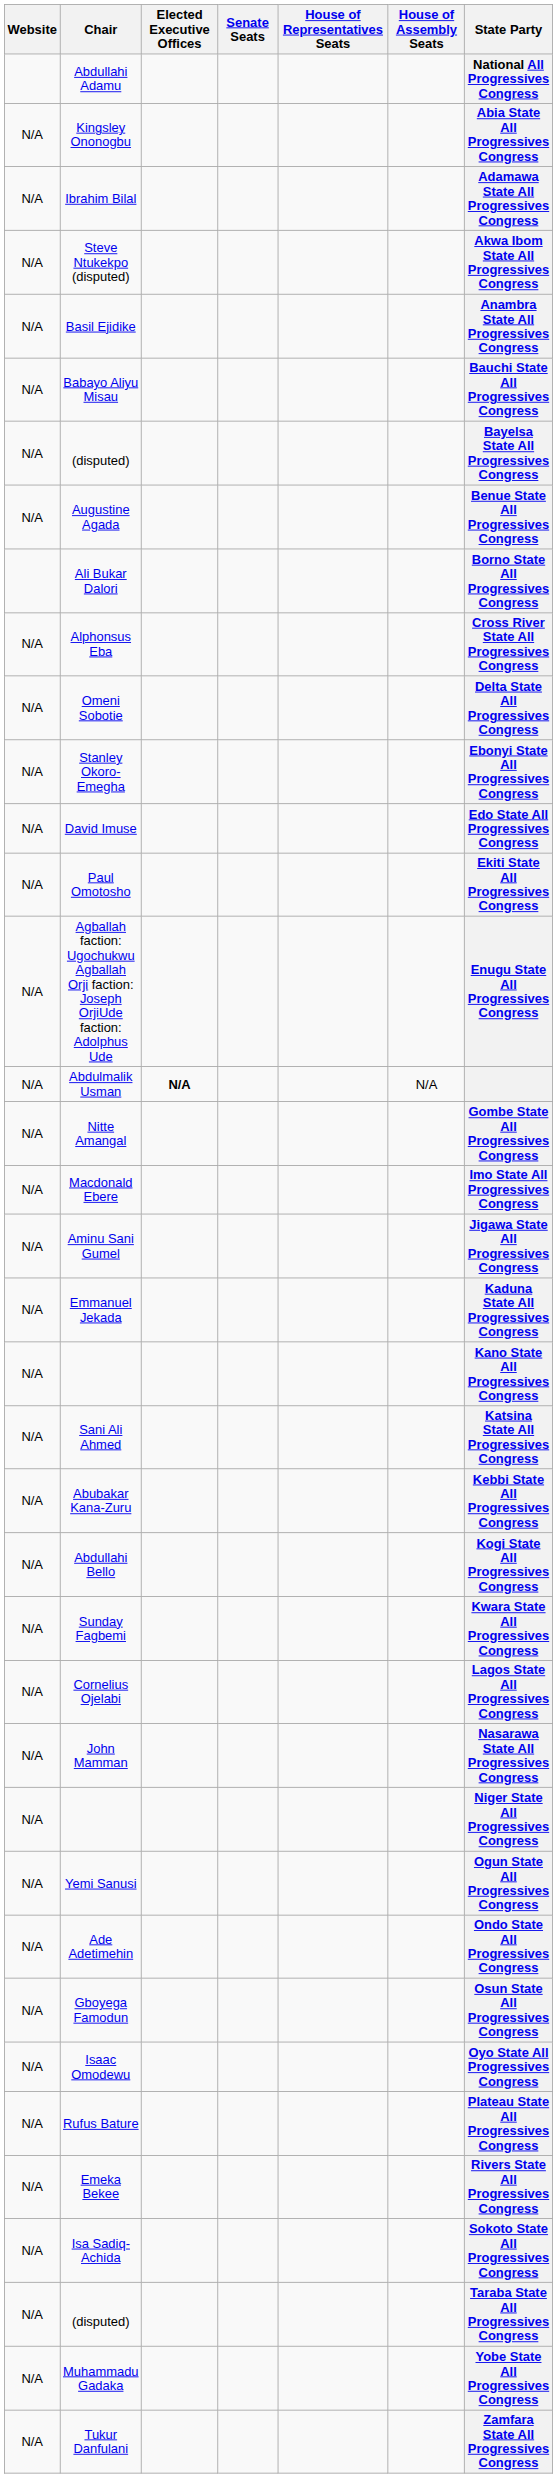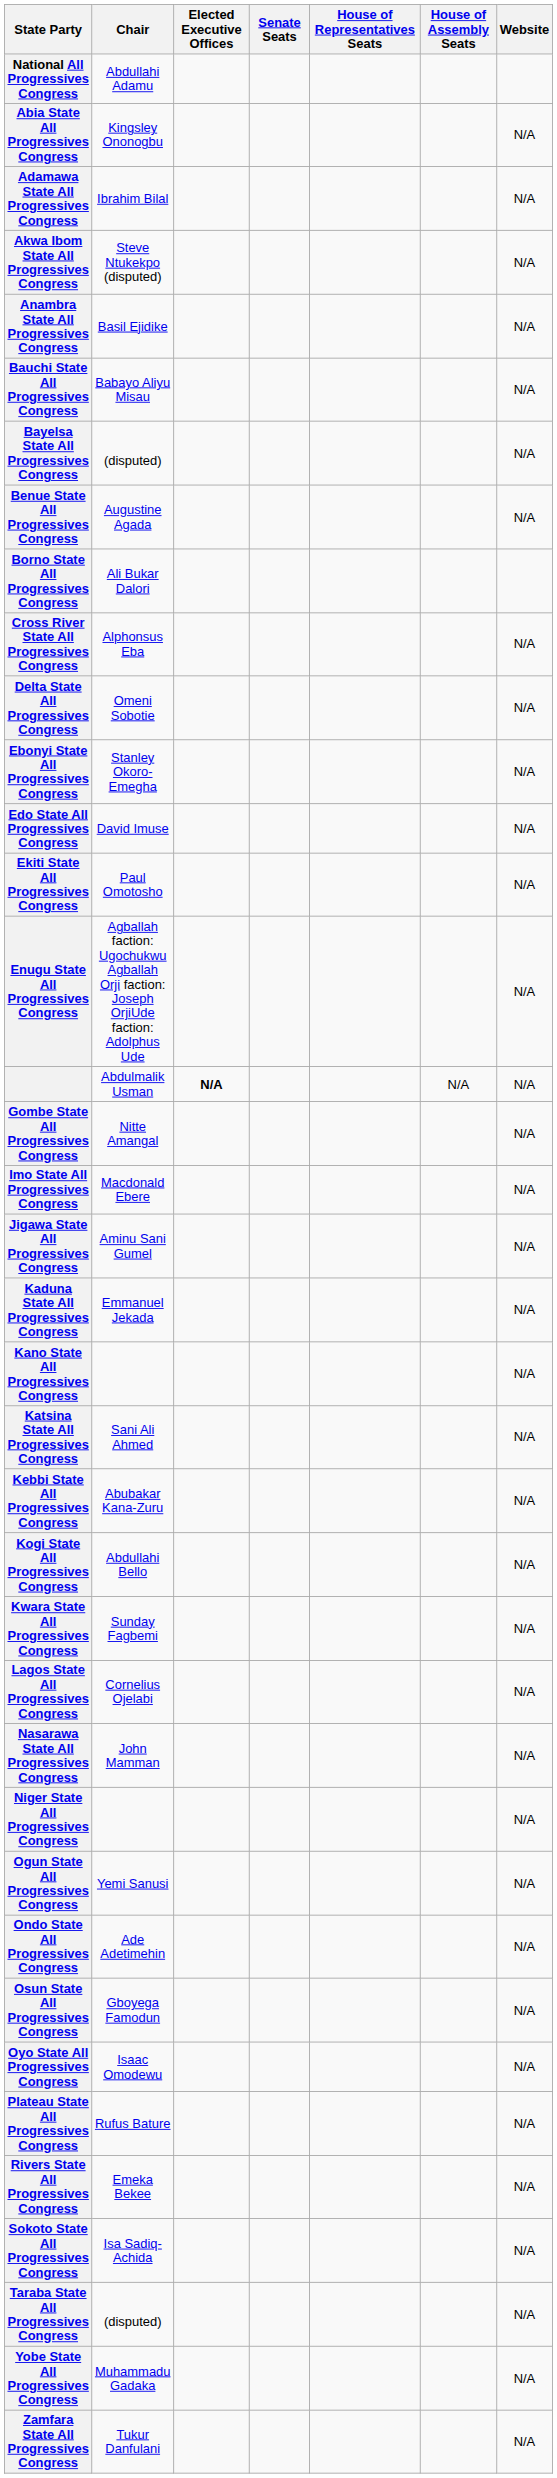 <table class="wikitable sortable" style="text-align:center;font-size:90%;">
 <tr>
-<th>Website</th>
+<th>State Party</th>
 <th>Chair</th>
 <th width="150">Elected Executive Offices</th>
 <th width="150"><a href='#'>Senate</a> Seats</th>
 <th width="150"><a href='#'>House of Representatives</a> Seats</th>
 <th width="150"><a href='#'>House of Assembly</a> Seats</th>
-<th>State Party</th>
+<th>Website</th>
 </tr>
 <tr>
-<td></td>
+<th><strong>National <a href='#'>All Progressives Congress</a></strong></th>
 <td><a href='#'>Abdullahi Adamu</a></td>
 <td></td>
 <td></td>
 <td></td>
 <td></td>
-<th><strong>National <a href='#'>All Progressives Congress</a></strong></th>
+<td></td>
 </tr>
 <tr>
-<td>N/A</td>
+<th><strong><a href='#'>Abia State All Progressives Congress</a></strong></th>
 <td><a href='#'>Kingsley Ononogbu</a></td>
 <td></td>
 <td></td>
 <td></td>
 <td></td>
-<th><strong><a href='#'>Abia State All Progressives Congress</a></strong></th>
+<td>N/A</td>
 </tr>
 <tr>
-<td>N/A</td>
+<th><strong><a href='#'>Adamawa State All Progressives Congress</a></strong></th>
 <td><a href='#'>Ibrahim Bilal</a></td>
 <td></td>
 <td></td>
 <td></td>
 <td></td>
-<th><strong><a href='#'>Adamawa State All Progressives Congress</a></strong></th>
+<td>N/A</td>
 </tr>
 <tr>
-<td>N/A</td>
+<th><strong><a href='#'>Akwa Ibom State All Progressives Congress</a></strong></th>
 <td><a href='#'>Steve Ntukekpo</a><br>(disputed)</td>
 <td></td>
 <td></td>
 <td></td>
 <td></td>
-<th><strong><a href='#'>Akwa Ibom State All Progressives Congress</a></strong></th>
+<td>N/A</td>
 </tr>
 <tr>
-<td>N/A</td>
+<th><strong><a href='#'>Anambra State All Progressives Congress</a></strong></th>
 <td><a href='#'>Basil Ejidike</a></td>
 <td></td>
 <td></td>
 <td></td>
 <td></td>
-<th><strong><a href='#'>Anambra State All Progressives Congress</a></strong></th>
+<td>N/A</td>
 </tr>
 <tr>
-<td>N/A</td>
+<th><strong><a href='#'>Bauchi State All Progressives Congress</a></strong></th>
 <td><a href='#'>Babayo Aliyu Misau</a></td>
 <td></td>
 <td></td>
 <td></td>
 <td></td>
-<th><strong><a href='#'>Bauchi State All Progressives Congress</a></strong></th>
+<td>N/A</td>
 </tr>
 <tr>
-<td>N/A</td>
+<th><strong><a href='#'>Bayelsa State All Progressives Congress</a></strong></th>
 <td><br>(disputed)</td>
 <td></td>
 <td></td>
 <td></td>
 <td></td>
-<th><strong><a href='#'>Bayelsa State All Progressives Congress</a></strong></th>
+<td>N/A</td>
 </tr>
 <tr>
-<td>N/A</td>
+<th><strong><a href='#'>Benue State All Progressives Congress</a></strong></th>
 <td><a href='#'>Augustine Agada</a></td>
 <td></td>
 <td></td>
 <td></td>
 <td></td>
-<th><strong><a href='#'>Benue State All Progressives Congress</a></strong></th>
+<td>N/A</td>
 </tr>
 <tr>
-<td></td>
+<th><strong><a href='#'>Borno State All Progressives Congress</a></strong></th>
 <td><a href='#'>Ali Bukar Dalori</a></td>
 <td></td>
 <td></td>
 <td></td>
 <td></td>
-<th><strong><a href='#'>Borno State All Progressives Congress</a></strong></th>
+<td></td>
 </tr>
 <tr>
-<td>N/A</td>
+<th><strong><a href='#'>Cross River State All Progressives Congress</a></strong></th>
 <td><a href='#'>Alphonsus Eba</a></td>
 <td></td>
 <td></td>
 <td></td>
 <td></td>
-<th><strong><a href='#'>Cross River State All Progressives Congress</a></strong></th>
+<td>N/A</td>
 </tr>
 <tr>
-<td>N/A</td>
+<th><strong><a href='#'>Delta State All Progressives Congress</a></strong></th>
 <td><a href='#'>Omeni Sobotie</a></td>
 <td></td>
 <td></td>
 <td></td>
 <td></td>
-<th><strong><a href='#'>Delta State All Progressives Congress</a></strong></th>
+<td>N/A</td>
 </tr>
 <tr>
-<td>N/A</td>
+<th><strong><a href='#'>Ebonyi State All Progressives Congress</a></strong></th>
 <td><a href='#'>Stanley Okoro-Emegha</a></td>
 <td></td>
 <td></td>
 <td></td>
 <td></td>
-<th><strong><a href='#'>Ebonyi State All Progressives Congress</a></strong></th>
+<td>N/A</td>
 </tr>
 <tr>
-<td>N/A</td>
+<th><strong><a href='#'>Edo State All Progressives Congress</a></strong></th>
 <td><a href='#'>David Imuse</a></td>
 <td></td>
 <td></td>
 <td></td>
 <td></td>
-<th><strong><a href='#'>Edo State All Progressives Congress</a></strong></th>
+<td>N/A</td>
 </tr>
 <tr>
-<td>N/A</td>
+<th><strong><a href='#'>Ekiti State All Progressives Congress</a></strong></th>
 <td><a href='#'>Paul Omotosho</a></td>
 <td></td>
 <td></td>
 <td></td>
 <td></td>
-<th><strong><a href='#'>Ekiti State All Progressives Congress</a></strong></th>
+<td>N/A</td>
 </tr>
 <tr>
-<td>N/A</td>
+<th><strong><a href='#'>Enugu State All Progressives Congress</a></strong></th>
 <td><a href='#'>Agballah</a> faction:<br><a href='#'>Ugochukwu Agballah</a><br><a href='#'>Orji</a> faction:<br><a href='#'>Joseph Orji</a><a href='#'>Ude</a> faction:<br><a href='#'>Adolphus Ude</a></td>
 <td></td>
 <td></td>
 <td></td>
 <td></td>
-<th><strong><a href='#'>Enugu State All Progressives Congress</a></strong></th>
+<td>N/A</td>
 </tr>
 <tr>
-<td>N/A</td>
+<th></th>
 <td><a href='#'>Abdulmalik Usman</a></td>
 <td><strong>N/A</strong></td>
 <td></td>
 <td></td>
 <td>N/A</td>
-<th></th>
+<td>N/A</td>
 </tr>
 <tr>
-<td>N/A</td>
+<th><strong><a href='#'>Gombe State All Progressives Congress</a></strong></th>
 <td><a href='#'>Nitte Amangal</a></td>
 <td></td>
 <td></td>
 <td></td>
 <td></td>
-<th><strong><a href='#'>Gombe State All Progressives Congress</a></strong></th>
+<td>N/A</td>
 </tr>
 <tr>
-<td>N/A</td>
+<th><strong><a href='#'>Imo State All Progressives Congress</a></strong></th>
 <td><a href='#'>Macdonald Ebere</a></td>
 <td></td>
 <td></td>
 <td></td>
 <td></td>
-<th><strong><a href='#'>Imo State All Progressives Congress</a></strong></th>
+<td>N/A</td>
 </tr>
 <tr>
-<td>N/A</td>
+<th><strong><a href='#'>Jigawa State All Progressives Congress</a></strong></th>
 <td><a href='#'>Aminu Sani Gumel</a></td>
 <td></td>
 <td></td>
 <td></td>
 <td></td>
-<th><strong><a href='#'>Jigawa State All Progressives Congress</a></strong></th>
+<td>N/A</td>
 </tr>
 <tr>
-<td>N/A</td>
+<th><strong><a href='#'>Kaduna State All Progressives Congress</a></strong></th>
 <td><a href='#'>Emmanuel Jekada</a></td>
 <td></td>
 <td></td>
 <td></td>
 <td></td>
-<th><strong><a href='#'>Kaduna State All Progressives Congress</a></strong></th>
+<td>N/A</td>
 </tr>
 <tr>
-<td>N/A</td>
+<th><strong><a href='#'>Kano State All Progressives Congress</a></strong></th>
 <td></td>
 <td></td>
 <td></td>
 <td></td>
 <td></td>
-<th><strong><a href='#'>Kano State All Progressives Congress</a></strong></th>
+<td>N/A</td>
 </tr>
 <tr>
-<td>N/A</td>
+<th><strong><a href='#'>Katsina State All Progressives Congress</a></strong></th>
 <td><a href='#'>Sani Ali Ahmed</a></td>
 <td></td>
 <td></td>
 <td></td>
 <td></td>
-<th><strong><a href='#'>Katsina State All Progressives Congress</a></strong></th>
+<td>N/A</td>
 </tr>
 <tr>
-<td>N/A</td>
+<th><strong><a href='#'>Kebbi State All Progressives Congress</a></strong></th>
 <td><a href='#'>Abubakar Kana-Zuru</a></td>
 <td></td>
 <td></td>
 <td></td>
 <td></td>
-<th><strong><a href='#'>Kebbi State All Progressives Congress</a></strong></th>
+<td>N/A</td>
 </tr>
 <tr>
-<td>N/A</td>
+<th><strong><a href='#'>Kogi State All Progressives Congress</a></strong></th>
 <td><a href='#'>Abdullahi Bello</a></td>
 <td></td>
 <td></td>
 <td></td>
 <td></td>
-<th><strong><a href='#'>Kogi State All Progressives Congress</a></strong></th>
+<td>N/A</td>
 </tr>
 <tr>
-<td>N/A</td>
+<th><strong><a href='#'>Kwara State All Progressives Congress</a></strong></th>
 <td><a href='#'>Sunday Fagbemi</a></td>
 <td></td>
 <td></td>
 <td></td>
 <td></td>
-<th><strong><a href='#'>Kwara State All Progressives Congress</a></strong></th>
+<td>N/A</td>
 </tr>
 <tr>
-<td>N/A</td>
+<th><strong><a href='#'>Lagos State All Progressives Congress</a></strong></th>
 <td><a href='#'>Cornelius Ojelabi</a></td>
 <td></td>
 <td></td>
 <td></td>
 <td></td>
-<th><strong><a href='#'>Lagos State All Progressives Congress</a></strong></th>
+<td>N/A</td>
 </tr>
 <tr>
-<td>N/A</td>
+<th><strong><a href='#'>Nasarawa State All Progressives Congress</a></strong></th>
 <td><a href='#'>John Mamman</a></td>
 <td></td>
 <td></td>
 <td></td>
 <td></td>
-<th><strong><a href='#'>Nasarawa State All Progressives Congress</a></strong></th>
+<td>N/A</td>
 </tr>
 <tr>
-<td>N/A</td>
+<th><strong><a href='#'>Niger State All Progressives Congress</a></strong></th>
 <td></td>
 <td></td>
 <td></td>
 <td></td>
 <td></td>
-<th><strong><a href='#'>Niger State All Progressives Congress</a></strong></th>
+<td>N/A</td>
 </tr>
 <tr>
-<td>N/A</td>
+<th><strong><a href='#'>Ogun State All Progressives Congress</a></strong></th>
 <td><a href='#'>Yemi Sanusi</a></td>
 <td></td>
 <td></td>
 <td></td>
 <td></td>
-<th><strong><a href='#'>Ogun State All Progressives Congress</a></strong></th>
+<td>N/A</td>
 </tr>
 <tr>
-<td>N/A</td>
+<th><strong><a href='#'>Ondo State All Progressives Congress</a></strong></th>
 <td><a href='#'>Ade Adetimehin</a></td>
 <td></td>
 <td></td>
 <td></td>
 <td></td>
-<th><strong><a href='#'>Ondo State All Progressives Congress</a></strong></th>
+<td>N/A</td>
 </tr>
 <tr>
-<td>N/A</td>
+<th><strong><a href='#'>Osun State All Progressives Congress</a></strong></th>
 <td><a href='#'>Gboyega Famodun</a></td>
 <td></td>
 <td></td>
 <td></td>
 <td></td>
-<th><strong><a href='#'>Osun State All Progressives Congress</a></strong></th>
+<td>N/A</td>
 </tr>
 <tr>
-<td>N/A</td>
+<th><strong><a href='#'>Oyo State All Progressives Congress</a></strong></th>
 <td><a href='#'>Isaac Omodewu</a></td>
 <td></td>
 <td></td>
 <td></td>
 <td></td>
-<th><strong><a href='#'>Oyo State All Progressives Congress</a></strong></th>
+<td>N/A</td>
 </tr>
 <tr>
-<td>N/A</td>
+<th><strong><a href='#'>Plateau State All Progressives Congress</a></strong></th>
 <td><a href='#'>Rufus Bature</a></td>
 <td></td>
 <td></td>
 <td></td>
 <td></td>
-<th><strong><a href='#'>Plateau State All Progressives Congress</a></strong></th>
+<td>N/A</td>
 </tr>
 <tr>
-<td>N/A</td>
+<th><strong><a href='#'>Rivers State All Progressives Congress</a></strong></th>
 <td><a href='#'>Emeka Bekee</a></td>
 <td></td>
 <td></td>
 <td></td>
 <td></td>
-<th><strong><a href='#'>Rivers State All Progressives Congress</a></strong></th>
+<td>N/A</td>
 </tr>
 <tr>
-<td>N/A</td>
+<th><strong><a href='#'>Sokoto State All Progressives Congress</a></strong></th>
 <td><a href='#'>Isa Sadiq-Achida</a></td>
 <td></td>
 <td></td>
 <td></td>
 <td></td>
-<th><strong><a href='#'>Sokoto State All Progressives Congress</a></strong></th>
+<td>N/A</td>
 </tr>
 <tr>
-<td>N/A</td>
+<th><strong><a href='#'>Taraba State All Progressives Congress</a></strong></th>
 <td><br>(disputed)</td>
 <td></td>
 <td></td>
 <td></td>
 <td></td>
-<th><strong><a href='#'>Taraba State All Progressives Congress</a></strong></th>
+<td>N/A</td>
 </tr>
 <tr>
-<td>N/A</td>
+<th><strong><a href='#'>Yobe State All Progressives Congress</a></strong></th>
 <td><a href='#'>Muhammadu Gadaka</a></td>
 <td></td>
 <td></td>
 <td></td>
 <td></td>
-<th><strong><a href='#'>Yobe State All Progressives Congress</a></strong></th>
+<td>N/A</td>
 </tr>
 <tr>
-<td>N/A</td>
+<th><strong><a href='#'>Zamfara State All Progressives Congress</a></strong></th>
 <td><a href='#'>Tukur Danfulani</a></td>
 <td></td>
 <td></td>
 <td></td>
 <td></td>
-<th><strong><a href='#'>Zamfara State All Progressives Congress</a></strong></th>
+<td>N/A</td>
 </tr>
 </table>
